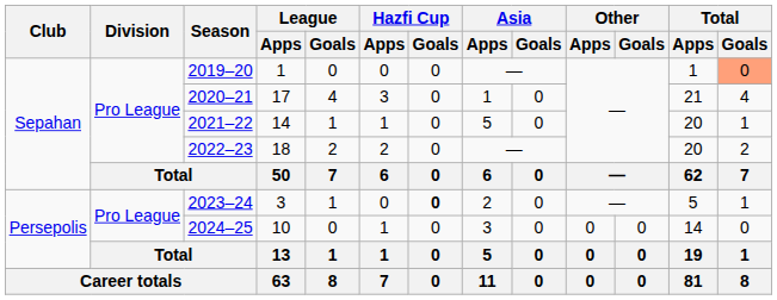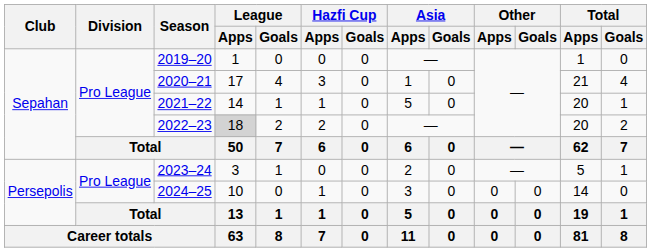 <table class="wikitable" style="text-align: center;">
 <tr>
 <th rowspan="2">Club</th>
 <th rowspan="2">Division</th>
 <th rowspan="2">Season</th>
 <th colspan="2">League</th>
 <th colspan="2"><a href='#'>Hazfi Cup</a></th>
 <th colspan="2"><a href='#'>Asia</a></th>
 <th colspan="2">Other</th>
 <th colspan="2">Total</th>
 </tr>
 <tr>
 <th>Apps</th>
 <th>Goals</th>
 <th>Apps</th>
 <th>Goals</th>
 <th>Apps</th>
 <th>Goals</th>
 <th>Apps</th>
 <th>Goals</th>
 <th>Apps</th>
 <th>Goals</th>
 </tr>
 <tr>
 <td rowspan="5"><a href='#'>Sepahan</a></td>
 <td rowspan="4"><a href='#'>Pro League</a></td>
 <td><a href='#'>2019–20</a></td>
 <td>1</td>
 <td>0</td>
 <td>0</td>
 <td>0</td>
 <td colspan="2">—</td>
 <td colspan="2" rowspan="4">—</td>
 <td>1</td>
-<td style="background: lightsalmon;">0</td>
+<td>0</td>
 </tr>
 <tr>
 <td><a href='#'>2020–21</a></td>
 <td>17</td>
 <td>4</td>
 <td>3</td>
 <td>0</td>
 <td>1</td>
 <td>0</td>
 <td>21</td>
 <td>4</td>
 </tr>
 <tr>
 <td><a href='#'>2021–22</a></td>
 <td>14</td>
 <td>1</td>
 <td>1</td>
 <td>0</td>
 <td>5</td>
 <td>0</td>
 <td>20</td>
 <td>1</td>
 </tr>
 <tr>
 <td><a href='#'>2022–23</a></td>
-<td>18</td>
+<td style="background: lightgrey;">18</td>
 <td>2</td>
 <td>2</td>
 <td>0</td>
 <td colspan="2">—</td>
 <td>20</td>
 <td>2</td>
 </tr>
 <tr>
 <th colspan="2">Total</th>
 <th>50</th>
 <th>7</th>
 <th>6</th>
 <th>0</th>
 <th>6</th>
 <th>0</th>
 <th colspan="2">—</th>
 <th>62</th>
 <th>7</th>
 </tr>
 <tr>
 <td rowspan="3"><a href='#'>Persepolis</a></td>
 <td rowspan="2"><a href='#'>Pro League</a></td>
 <td><a href='#'>2023–24</a></td>
 <td>3</td>
 <td>1</td>
 <td>0</td>
-<td><strong>0</strong></td>
+<td>0</td>
 <td>2</td>
 <td>0</td>
 <td colspan="2">—</td>
 <td>5</td>
 <td>1</td>
 </tr>
 <tr>
 <td><a href='#'>2024–25</a></td>
 <td>10</td>
 <td>0</td>
 <td>1</td>
 <td>0</td>
 <td>3</td>
 <td>0</td>
 <td>0</td>
 <td>0</td>
 <td>14</td>
 <td>0</td>
 </tr>
 <tr>
 <th colspan="2">Total</th>
 <th>13</th>
 <th>1</th>
 <th>1</th>
 <th>0</th>
 <th>5</th>
 <th>0</th>
 <th>0</th>
 <th>0</th>
 <th>19</th>
 <th>1</th>
 </tr>
 <tr>
 <th colspan="3">Career totals</th>
 <th>63</th>
 <th>8</th>
 <th>7</th>
 <th>0</th>
 <th>11</th>
 <th>0</th>
 <th>0</th>
 <th>0</th>
 <th>81</th>
 <th>8</th>
 </tr>
 </table>
